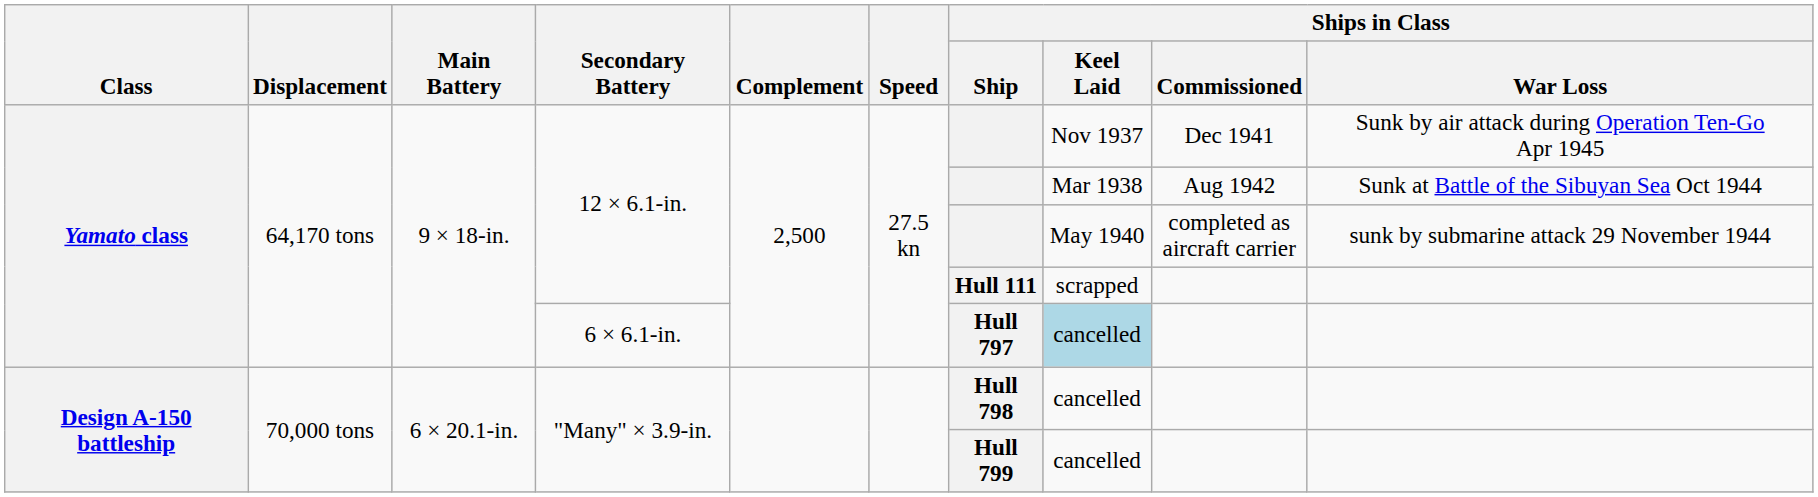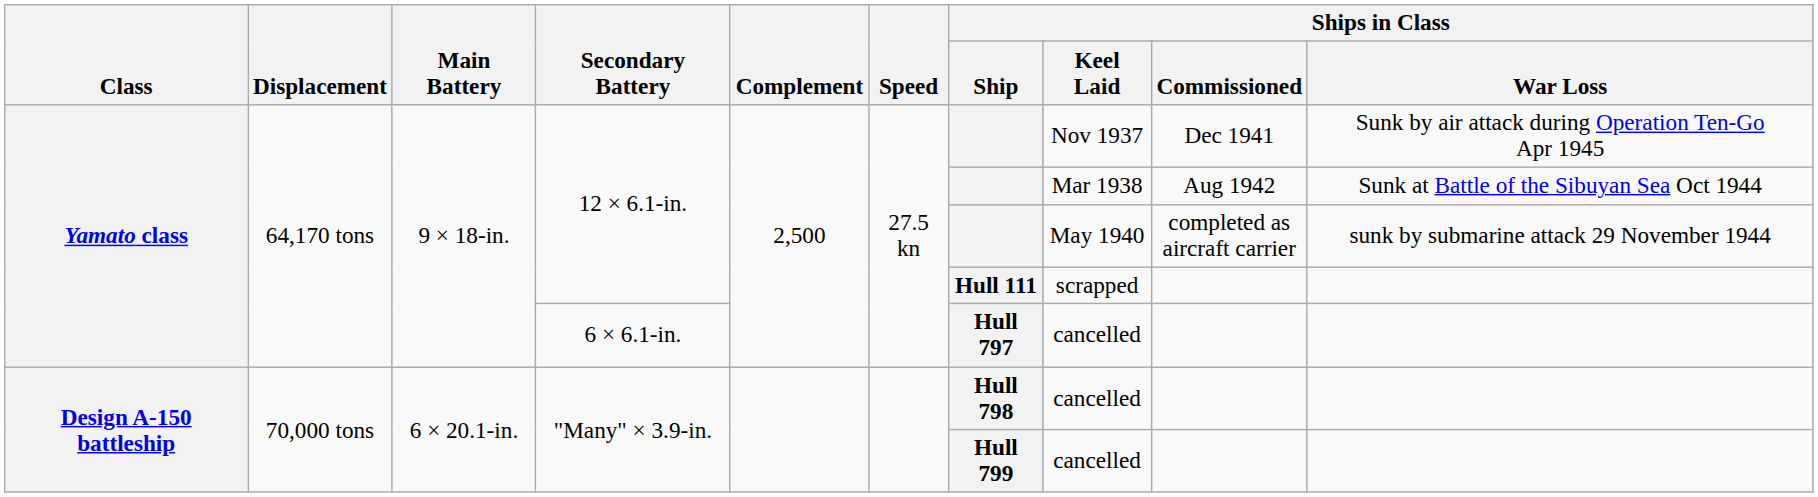 <table class="wikitable plainrowheaders" style="text-align: center;">
 <tr valign="bottom">
 <th scope="col" rowspan=2>Class</th>
 <th scope="col" rowspan=2>Displacement</th>
 <th scope="col" rowspan=2>Main Battery</th>
 <th scope="col" rowspan=2>Secondary Battery</th>
 <th scope="col" rowspan=2>Complement</th>
 <th scope="col" rowspan=2>Speed</th>
 <th scope="col" colspan=4>Ships in Class</th>
 </tr>
 <tr valign="bottom">
 <th scope="col">Ship</th>
 <th scope="col">Keel Laid</th>
 <th scope="col">Commissioned</th>
 <th scope="col">War Loss</th>
 </tr>
 <tr>
 <th scope="row" rowspan=5><a href='#'><em>Yamato</em> class</a></th>
 <td scope="row" rowspan=5 style="text-align: center">64,170 tons</td>
 <td scope="row" rowspan=5 style="text-align: center">9 × 18-in.</td>
 <td scope="row" rowspan=4 style="text-align: center">12 × 6.1-in.</td>
 <td scope="row" rowspan=5 style="text-align: center">2,500</td>
 <td scope="row" rowspan=5 style="text-align: center">27.5 kn</td>
 <th scope="row"></th>
 <td scope="row" style="text-align: center">Nov 1937</td>
 <td scope="row" style="text-align: center">Dec 1941</td>
 <td scope="row" style="text-align: center">Sunk by air attack during <a href='#'>Operation Ten-Go</a> Apr 1945</td>
 </tr>
 <tr>
 <th scope="row"></th>
 <td scope="row" style="text-align: center">Mar 1938</td>
 <td scope="row" style="text-align: center">Aug 1942</td>
 <td scope="row" style="text-align: center">Sunk at <a href='#'>Battle of the Sibuyan Sea</a> Oct 1944</td>
 </tr>
 <tr>
 <th scope="row"></th>
 <td scope="row" style="text-align: center">May 1940</td>
 <td scope="row" style="text-align: center">completed as<br>aircraft carrier</td>
 <td scope="row" style="text-align: center">sunk by submarine attack 29 November 1944</td>
 </tr>
 <tr>
 <th scope="row">Hull 111</th>
 <td scope="row" style="text-align: center">scrapped</td>
 <td scope="row" style="text-align: center"></td>
 <td scope="row" style="text-align: center"></td>
 </tr>
 <tr>
 <td scope="row" style="text-align: center">6 × 6.1-in.</td>
 <th scope="row">Hull 797</th>
-<td scope="row" style="background: lightblue; text-align: center">cancelled</td>
+<td scope="row" style="text-align: center">cancelled</td>
 <td scope="row"></td>
 <td scope="row"></td>
 </tr>
 <tr>
 <th scope="row" rowspan=2><a href='#'>Design A-150 battleship</a></th>
 <td scope="row" rowspan=2 style="text-align: center">70,000 tons</td>
 <td scope="row" rowspan=2 style="text-align: center">6 × 20.1-in.</td>
 <td scope="row" rowspan=2 style="text-align: center">"Many" × 3.9-in.</td>
 <td scope="row" rowspan=2 style="text-align: center"></td>
 <td scope="row" rowspan=2 style="text-align: center"></td>
 <th scope="row">Hull 798</th>
 <td scope="row" style="text-align: center">cancelled</td>
 <td scope="row"></td>
 <td scope="row"></td>
 </tr>
 <tr>
 <th scope="row">Hull 799</th>
 <td scope="row" style="text-align: center">cancelled</td>
 <td scope="row"></td>
 <td scope="row"></td>
 </tr>
 </table>
